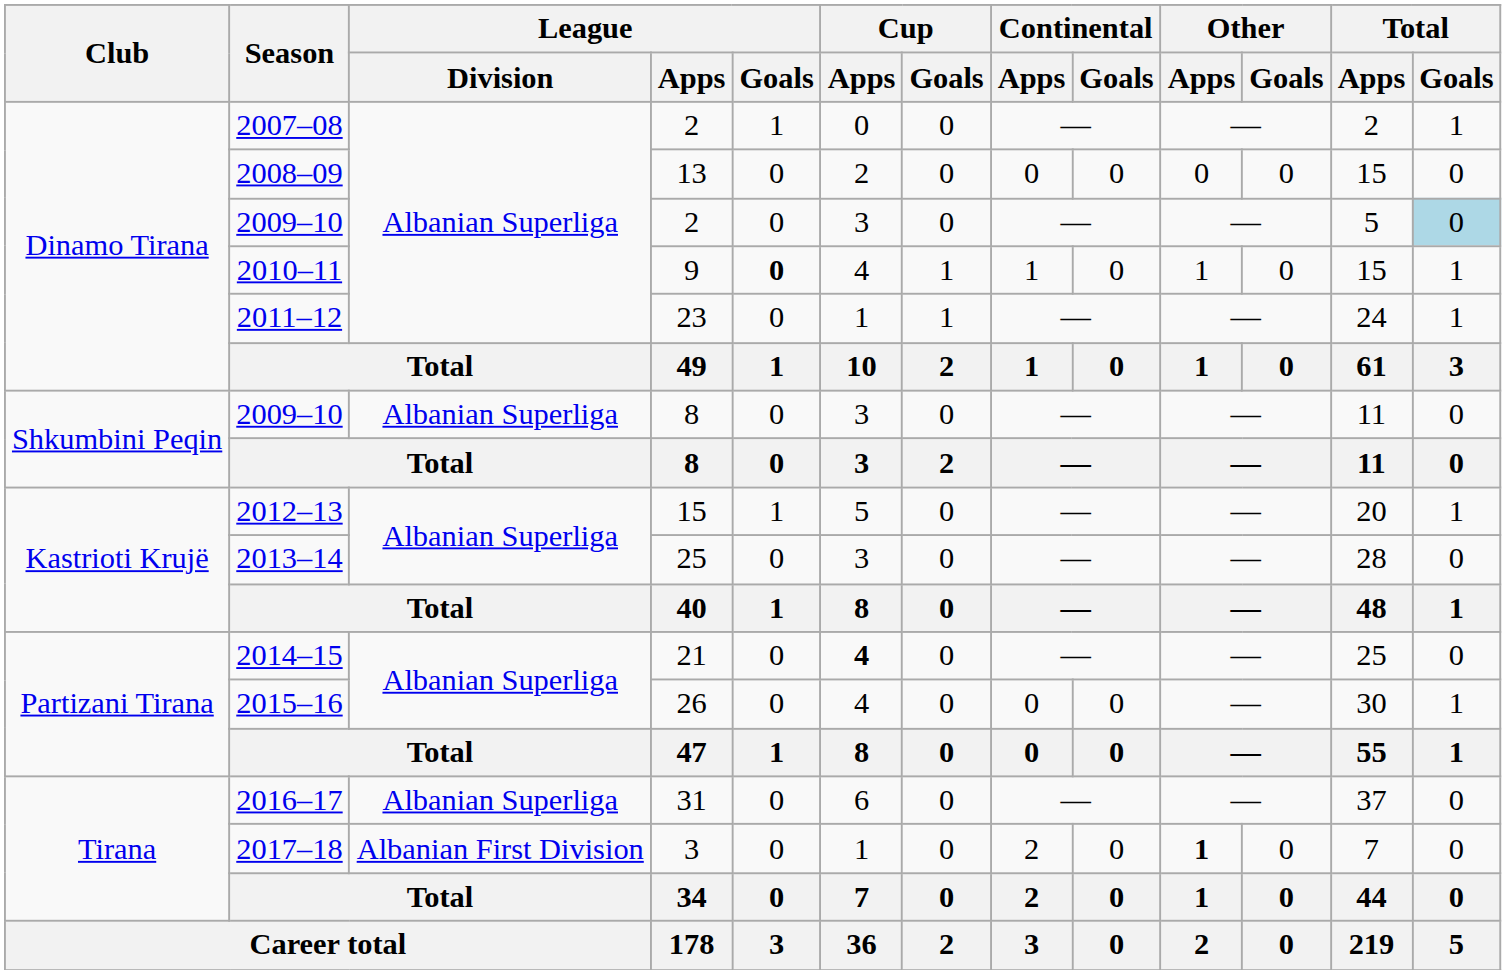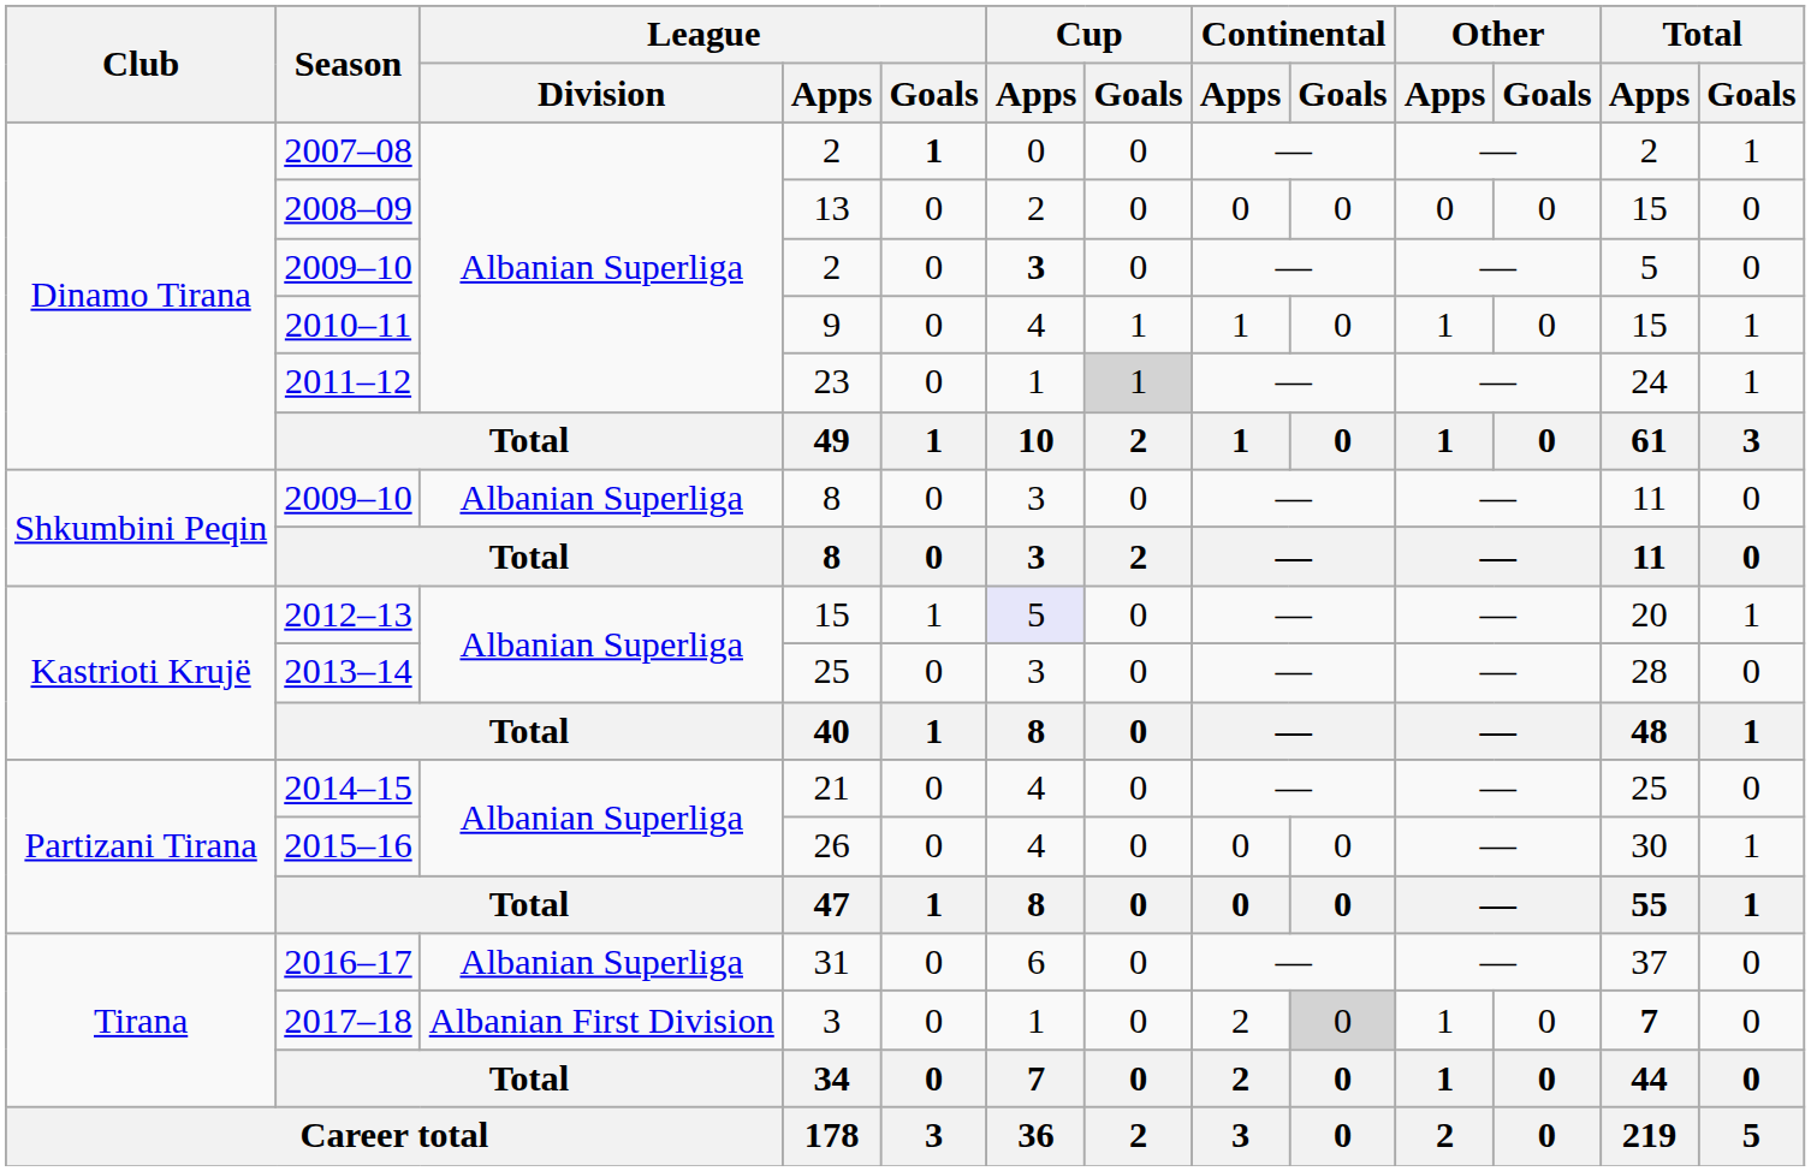 <table class="wikitable" style="text-align: center;">
 <tr>
 <th rowspan="2">Club</th>
 <th rowspan="2">Season</th>
 <th colspan="3">League</th>
 <th colspan="2">Cup</th>
 <th colspan="2">Continental</th>
 <th colspan="2">Other</th>
 <th colspan="2">Total</th>
 </tr>
 <tr>
 <th>Division</th>
 <th>Apps</th>
 <th>Goals</th>
 <th>Apps</th>
 <th>Goals</th>
 <th>Apps</th>
 <th>Goals</th>
 <th>Apps</th>
 <th>Goals</th>
 <th>Apps</th>
 <th>Goals</th>
 </tr>
 <tr>
 <td rowspan="6"><a href='#'>Dinamo Tirana</a></td>
 <td><a href='#'>2007–08</a></td>
 <td rowspan="5"><a href='#'>Albanian Superliga</a></td>
 <td>2</td>
-<td>1</td>
+<td><strong>1</strong></td>
 <td>0</td>
 <td>0</td>
 <td colspan="2">—</td>
 <td colspan="2">—</td>
 <td>2</td>
 <td>1</td>
 </tr>
 <tr>
 <td><a href='#'>2008–09</a></td>
 <td>13</td>
 <td>0</td>
 <td>2</td>
 <td>0</td>
 <td>0</td>
 <td>0</td>
 <td>0</td>
 <td>0</td>
 <td>15</td>
 <td>0</td>
 </tr>
 <tr>
 <td><a href='#'>2009–10</a></td>
 <td>2</td>
 <td>0</td>
-<td>3</td>
+<td><strong>3</strong></td>
 <td>0</td>
 <td colspan="2">—</td>
 <td colspan="2">—</td>
 <td>5</td>
-<td style="background: lightblue;">0</td>
+<td>0</td>
 </tr>
 <tr>
 <td><a href='#'>2010–11</a></td>
 <td>9</td>
-<td><strong>0</strong></td>
+<td>0</td>
 <td>4</td>
 <td>1</td>
 <td>1</td>
 <td>0</td>
 <td>1</td>
 <td>0</td>
 <td>15</td>
 <td>1</td>
 </tr>
 <tr>
 <td><a href='#'>2011–12</a></td>
 <td>23</td>
 <td>0</td>
 <td>1</td>
-<td>1</td>
+<td style="background: lightgrey;">1</td>
 <td colspan="2">—</td>
 <td colspan="2">—</td>
 <td>24</td>
 <td>1</td>
 </tr>
 <tr>
 <th colspan="2">Total</th>
 <th>49</th>
 <th>1</th>
 <th>10</th>
 <th>2</th>
 <th>1</th>
 <th>0</th>
 <th>1</th>
 <th>0</th>
 <th>61</th>
 <th>3</th>
 </tr>
 <tr>
 <td rowspan="2"><a href='#'>Shkumbini Peqin</a></td>
 <td><a href='#'>2009–10</a></td>
 <td rowspan="1"><a href='#'>Albanian Superliga</a></td>
 <td>8</td>
 <td>0</td>
 <td>3</td>
 <td>0</td>
 <td colspan="2">—</td>
 <td colspan="2">—</td>
 <td>11</td>
 <td>0</td>
 </tr>
 <tr>
 <th colspan="2">Total</th>
 <th>8</th>
 <th>0</th>
 <th>3</th>
 <th>2</th>
 <th colspan="2">—</th>
 <th colspan="2">—</th>
 <th>11</th>
 <th>0</th>
 </tr>
 <tr>
 <td rowspan="3"><a href='#'>Kastrioti Krujë</a></td>
 <td><a href='#'>2012–13</a></td>
 <td rowspan="2"><a href='#'>Albanian Superliga</a></td>
 <td>15</td>
 <td>1</td>
-<td>5</td>
+<td style="background: lavender;">5</td>
 <td>0</td>
 <td colspan="2">—</td>
 <td colspan="2">—</td>
 <td>20</td>
 <td>1</td>
 </tr>
 <tr>
 <td><a href='#'>2013–14</a></td>
 <td>25</td>
 <td>0</td>
 <td>3</td>
 <td>0</td>
 <td colspan="2">—</td>
 <td colspan="2">—</td>
 <td>28</td>
 <td>0</td>
 </tr>
 <tr>
 <th colspan="2">Total</th>
 <th>40</th>
 <th>1</th>
 <th>8</th>
 <th>0</th>
 <th colspan="2">—</th>
 <th colspan="2">—</th>
 <th>48</th>
 <th>1</th>
 </tr>
 <tr>
 <td rowspan="3"><a href='#'>Partizani Tirana</a></td>
 <td><a href='#'>2014–15</a></td>
 <td rowspan="2"><a href='#'>Albanian Superliga</a></td>
 <td>21</td>
 <td>0</td>
-<td><strong>4</strong></td>
+<td>4</td>
 <td>0</td>
 <td colspan="2">—</td>
 <td colspan="2">—</td>
 <td>25</td>
 <td>0</td>
 </tr>
 <tr>
 <td><a href='#'>2015–16</a></td>
 <td>26</td>
 <td>0</td>
 <td>4</td>
 <td>0</td>
 <td>0</td>
 <td>0</td>
 <td colspan="2">—</td>
 <td>30</td>
 <td>1</td>
 </tr>
 <tr>
 <th colspan="2">Total</th>
 <th>47</th>
 <th>1</th>
 <th>8</th>
 <th>0</th>
 <th>0</th>
 <th>0</th>
 <th colspan="2">—</th>
 <th>55</th>
 <th>1</th>
 </tr>
 <tr>
 <td rowspan="3"><a href='#'>Tirana</a></td>
 <td><a href='#'>2016–17</a></td>
 <td rowspan="1"><a href='#'>Albanian Superliga</a></td>
 <td>31</td>
 <td>0</td>
 <td>6</td>
 <td>0</td>
 <td colspan="2">—</td>
 <td colspan="2">—</td>
 <td>37</td>
 <td>0</td>
 </tr>
 <tr>
 <td><a href='#'>2017–18</a></td>
 <td rowspan="1"><a href='#'>Albanian First Division</a></td>
 <td>3</td>
 <td>0</td>
 <td>1</td>
 <td>0</td>
 <td>2</td>
+<td style="background: lightgrey;">0</td>
+<td>1</td>
 <td>0</td>
-<td><strong>1</strong></td>
-<td>0</td>
-<td>7</td>
+<td><strong>7</strong></td>
 <td>0</td>
 </tr>
 <tr>
 <th colspan="2">Total</th>
 <th>34</th>
 <th>0</th>
 <th>7</th>
 <th>0</th>
 <th>2</th>
 <th>0</th>
 <th>1</th>
 <th>0</th>
 <th>44</th>
 <th>0</th>
 </tr>
 <tr>
 <th colspan="3">Career total</th>
 <th>178</th>
 <th>3</th>
 <th>36</th>
 <th>2</th>
 <th>3</th>
 <th>0</th>
 <th>2</th>
 <th>0</th>
 <th>219</th>
 <th>5</th>
 </tr>
 </table>
